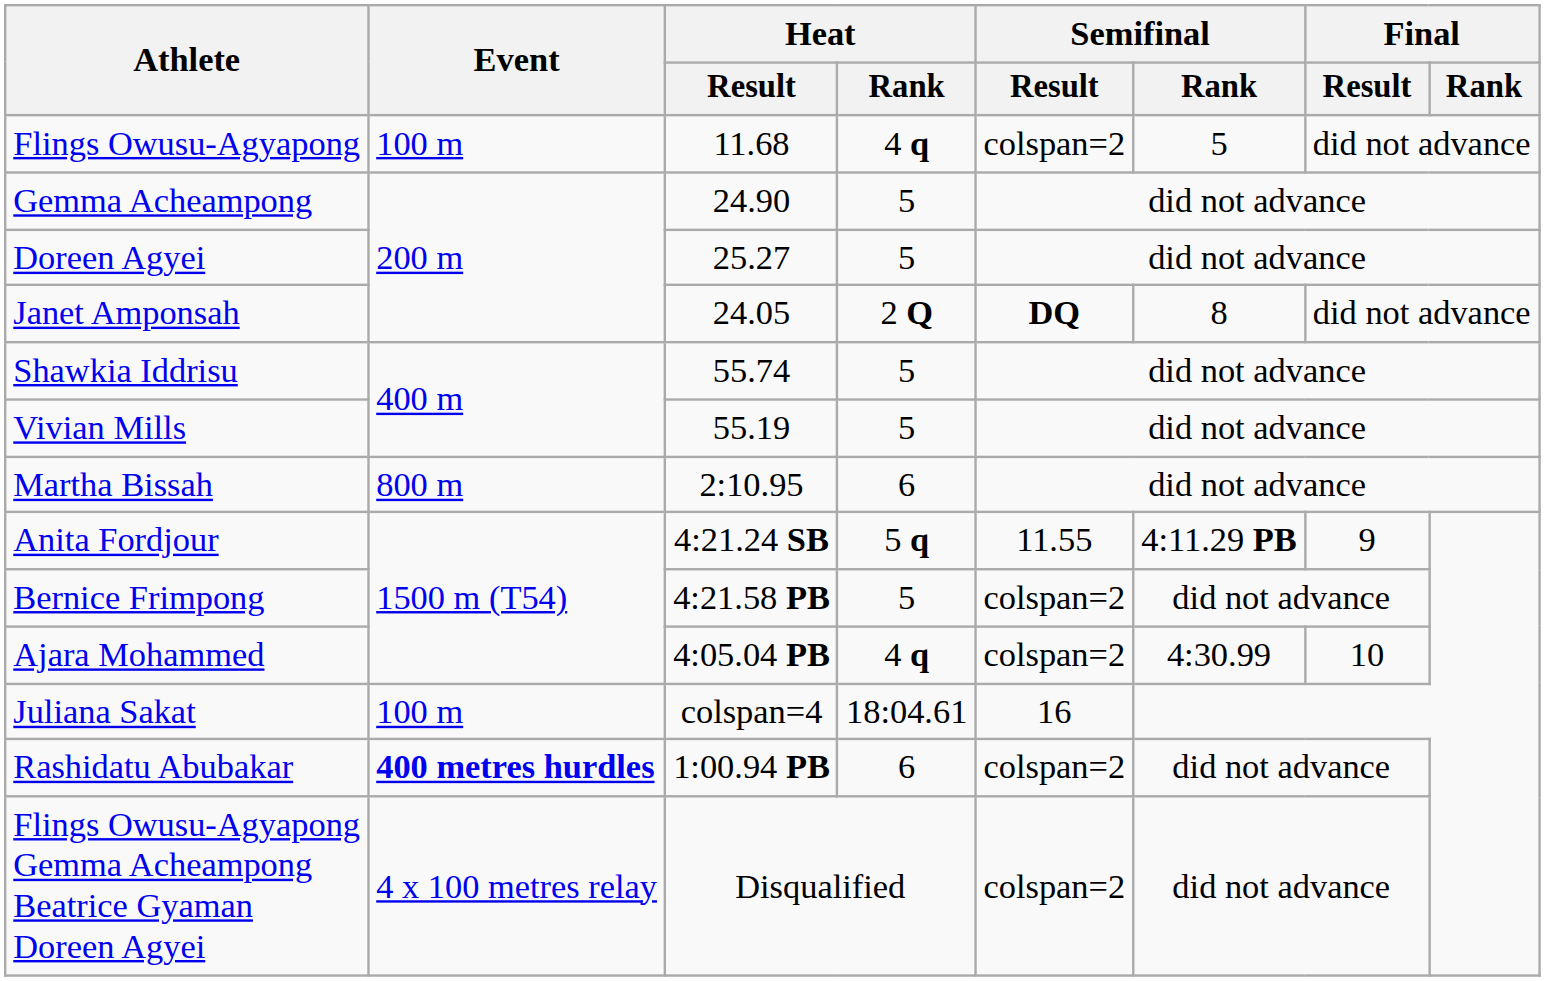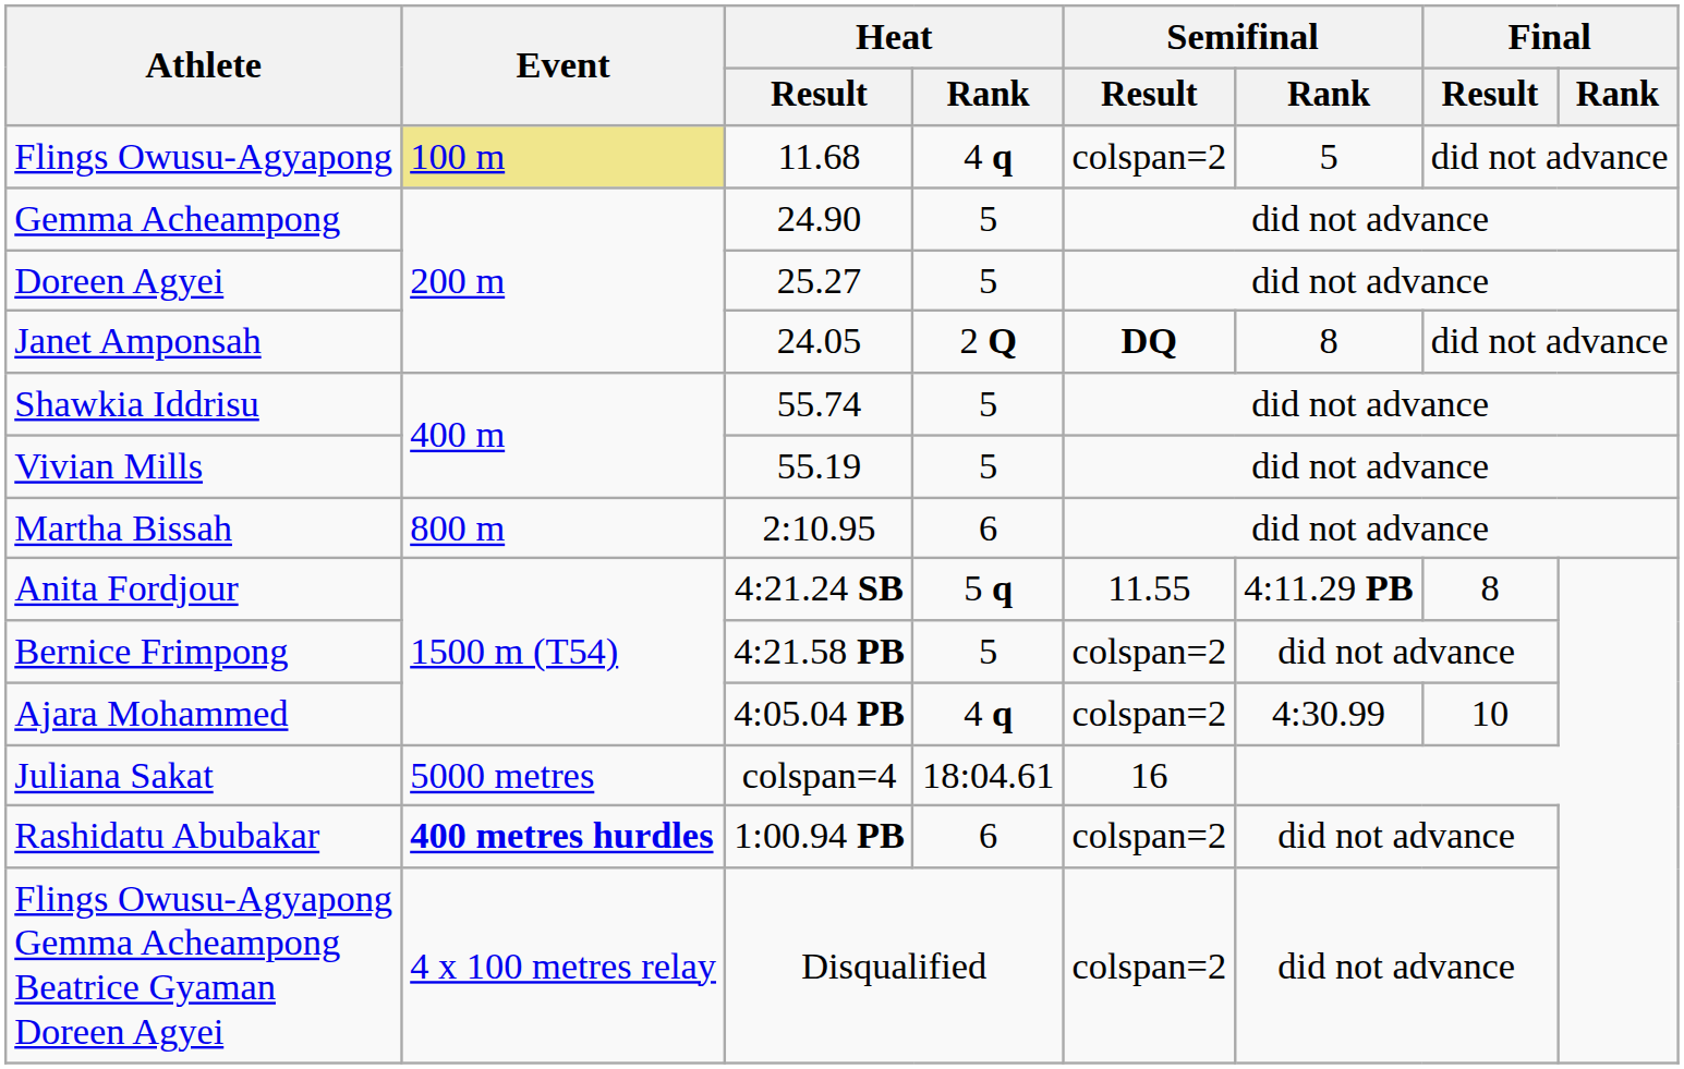 <table class="wikitable" style="font-size:90%">
 <tr>
 <th rowspan=2>Athlete</th>
 <th rowspan=2>Event</th>
 <th colspan=2>Heat</th>
 <th colspan=2>Semifinal</th>
 <th colspan=2>Final</th>
 </tr>
 <tr style="font-size:95%">
 <th>Result</th>
 <th>Rank</th>
 <th>Result</th>
 <th>Rank</th>
 <th>Result</th>
 <th>Rank</th>
 </tr>
 <tr align=center>
 <td align=left><a href='#'>Flings Owusu-Agyapong</a></td>
-<td align=left><a href='#'>100 m</a></td>
+<td align=left style="background: khaki;"><a href='#'>100 m</a></td>
 <td>11.68</td>
 <td>4 <strong>q</strong></td>
 <td>colspan=2 </td>
 <td>5</td>
 <td colspan=2>did not advance</td>
 </tr>
 <tr align=center>
 <td align=left><a href='#'>Gemma Acheampong</a></td>
 <td align=left rowspan="3"><a href='#'>200 m</a></td>
 <td>24.90</td>
 <td>5</td>
 <td colspan="4">did not advance</td>
 </tr>
 <tr align=center>
 <td align=left><a href='#'>Doreen Agyei</a></td>
 <td>25.27</td>
 <td>5</td>
 <td colspan="4">did not advance</td>
 </tr>
 <tr align=center>
 <td align=left><a href='#'>Janet Amponsah</a></td>
 <td>24.05</td>
 <td>2 <strong>Q</strong></td>
 <td><strong>DQ</strong></td>
 <td>8</td>
 <td colspan="2">did not advance</td>
 </tr>
 <tr align=center>
 <td align=left><a href='#'>Shawkia Iddrisu</a></td>
 <td align=left rowspan=2><a href='#'>400 m</a></td>
 <td>55.74</td>
 <td>5</td>
 <td colspan=4>did not advance</td>
 </tr>
 <tr align=center>
 <td align=left><a href='#'>Vivian Mills</a></td>
 <td>55.19</td>
 <td>5</td>
 <td colspan=4>did not advance</td>
 </tr>
 <tr align=center>
 <td align=left><a href='#'>Martha Bissah</a></td>
 <td align=left><a href='#'>800 m</a></td>
 <td>2:10.95</td>
 <td>6</td>
 <td colspan="4">did not advance</td>
 </tr>
 <tr align=center>
 <td align=left><a href='#'>Anita Fordjour</a></td>
 <td align=left rowspan=3><a href='#'>1500 m (T54)</a></td>
 <td>4:21.24 <strong>SB</strong></td>
 <td>5 <strong>q</strong></td>
 <td>11.55</td>
 <td>4:11.29 <strong>PB</strong></td>
-<td>9</td>
+<td>8</td>
 </tr>
 <tr align=center>
 <td align=left><a href='#'>Bernice Frimpong</a></td>
 <td>4:21.58 <strong>PB</strong></td>
 <td>5</td>
 <td>colspan=2 </td>
 <td colspan=2>did not advance</td>
 </tr>
 <tr align=center>
 <td align=left><a href='#'>Ajara Mohammed</a></td>
 <td>4:05.04 <strong>PB</strong></td>
 <td>4 <strong>q</strong></td>
 <td>colspan=2 </td>
 <td>4:30.99</td>
 <td>10</td>
 </tr>
 <tr align=center>
 <td align=left><a href='#'>Juliana Sakat</a></td>
-<td align=left><a href='#'>100 m</a></td>
+<td align=left><a href='#'>5000 metres</a></td>
 <td>colspan=4 </td>
 <td>18:04.61</td>
 <td>16</td>
 </tr>
 <tr align=center>
 <td align=left><a href='#'>Rashidatu Abubakar</a></td>
 <td align=left><strong><a href='#'>400 metres hurdles</a></strong></td>
 <td>1:00.94 <strong>PB</strong></td>
 <td>6</td>
 <td>colspan=2 </td>
 <td colspan=2>did not advance</td>
 </tr>
 <tr align=center>
 <td align=left><a href='#'>Flings Owusu-Agyapong</a><br><a href='#'>Gemma Acheampong</a><br><a href='#'>Beatrice Gyaman</a><br><a href='#'>Doreen Agyei</a></td>
 <td align=left><a href='#'>4 x 100 metres relay</a></td>
 <td colspan=2>Disqualified</td>
 <td>colspan=2 </td>
 <td colspan=2>did not advance</td>
 </tr>
 </table>
